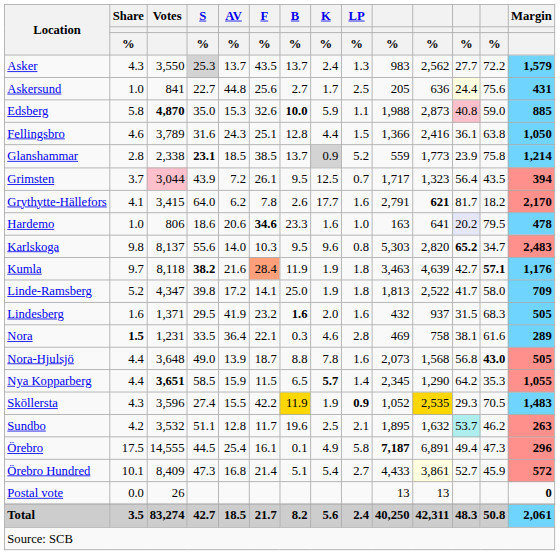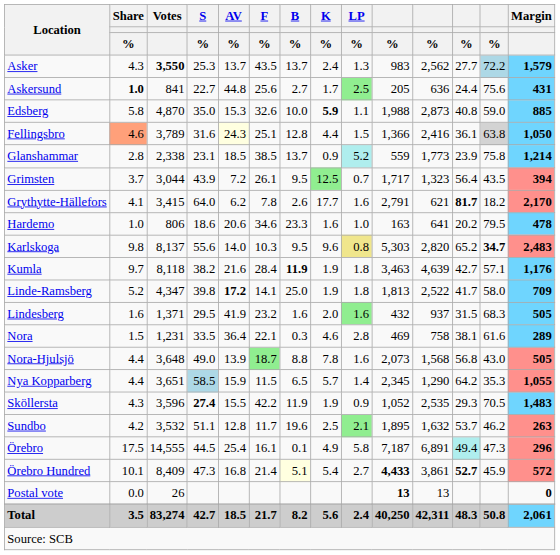 <table class="wikitable sortable" style="text-align:right; font-size:95%; line-height:20px;">
 <tr>
 <th rowspan="3">Location</th>
 <th>Share</th>
 <th>Votes</th>
 <th width="30px" class="unsortable"><a href='#'>S</a></th>
 <th width="30px" class="unsortable"><a href='#'>AV</a></th>
 <th width="30px" class="unsortable"><a href='#'>F</a></th>
 <th width="30px" class="unsortable"><a href='#'>B</a></th>
 <th width="30px" class="unsortable"><a href='#'>K</a></th>
 <th width="30px" class="unsortable"><a href='#'>LP</a></th>
 <th></th>
 <th></th>
 <th></th>
 <th></th>
 <th>Margin</th>
 </tr>
 <tr>
 <th></th>
 <th></th>
 <th style="background:"></th>
 <th style="background:"></th>
 <th style="background:"></th>
 <th style="background:"></th>
 <th style="background:"></th>
 <th style="background:"></th>
 <th style="background:"></th>
 <th style="background:"></th>
 <th style="background:"></th>
 <th style="background:"></th>
 <th></th>
 </tr>
 <tr>
 <th data-sort-type="number">%</th>
 <th></th>
 <th data-sort-type="number">%</th>
 <th data-sort-type="number">%</th>
 <th data-sort-type="number">%</th>
 <th data-sort-type="number">%</th>
 <th data-sort-type="number">%</th>
 <th data-sort-type="number">%</th>
 <th data-sort-type="number">%</th>
 <th data-sort-type="number">%</th>
 <th data-sort-type="number">%</th>
 <th data-sort-type="number">%</th>
 <th></th>
 </tr>
 <tr>
 <td align=left><a href='#'>Asker</a></td>
 <td>4.3</td>
-<td>3,550</td>
-<td style="background: lightgrey;">25.3</td>
+<td><strong>3,550</strong></td>
+<td>25.3</td>
 <td>13.7</td>
 <td>43.5</td>
 <td>13.7</td>
 <td>2.4</td>
 <td>1.3</td>
 <td>983</td>
 <td>2,562</td>
 <td>27.7</td>
-<td>72.2</td>
+<td style="background: lightblue;">72.2</td>
 <td bgcolor=#6fd5fe><strong>1,579</strong></td>
 </tr>
 <tr>
 <td align=left><a href='#'>Askersund</a></td>
-<td>1.0</td>
+<td><strong>1.0</strong></td>
 <td>841</td>
 <td>22.7</td>
 <td>44.8</td>
 <td>25.6</td>
 <td>2.7</td>
 <td>1.7</td>
-<td>2.5</td>
+<td style="background: lightgreen;">2.5</td>
 <td>205</td>
 <td>636</td>
-<td style="background: lightyellow;">24.4</td>
+<td>24.4</td>
 <td>75.6</td>
 <td bgcolor=#6fd5fe><strong>431</strong></td>
 </tr>
 <tr>
 <td align=left><a href='#'>Edsberg</a></td>
 <td>5.8</td>
-<td><strong>4,870</strong></td>
+<td>4,870</td>
 <td>35.0</td>
 <td>15.3</td>
 <td>32.6</td>
-<td><strong>10.0</strong></td>
-<td>5.9</td>
+<td>10.0</td>
+<td><strong>5.9</strong></td>
 <td>1.1</td>
 <td>1,988</td>
 <td>2,873</td>
-<td style="background: pink;">40.8</td>
+<td>40.8</td>
 <td>59.0</td>
 <td bgcolor=#6fd5fe><strong>885</strong></td>
 </tr>
 <tr>
 <td align=left><a href='#'>Fellingsbro</a></td>
-<td>4.6</td>
+<td style="background: lightsalmon;">4.6</td>
 <td>3,789</td>
 <td>31.6</td>
-<td>24.3</td>
+<td style="background: lightyellow;">24.3</td>
 <td>25.1</td>
 <td>12.8</td>
 <td>4.4</td>
 <td>1.5</td>
 <td>1,366</td>
 <td>2,416</td>
 <td>36.1</td>
-<td>63.8</td>
+<td style="background: lightgrey;">63.8</td>
 <td bgcolor=#6fd5fe><strong>1,050</strong></td>
 </tr>
 <tr>
 <td align=left><a href='#'>Glanshammar</a></td>
 <td>2.8</td>
 <td>2,338</td>
-<td><strong>23.1</strong></td>
+<td>23.1</td>
 <td>18.5</td>
 <td>38.5</td>
 <td>13.7</td>
-<td style="background: lightgrey;">0.9</td>
-<td>5.2</td>
+<td>0.9</td>
+<td style="background: paleturquoise;">5.2</td>
 <td>559</td>
 <td>1,773</td>
 <td>23.9</td>
 <td>75.8</td>
 <td bgcolor=#6fd5fe><strong>1,214</strong></td>
 </tr>
 <tr>
 <td align=left><a href='#'>Grimsten</a></td>
 <td>3.7</td>
-<td style="background: pink;">3,044</td>
+<td>3,044</td>
 <td>43.9</td>
 <td>7.2</td>
 <td>26.1</td>
 <td>9.5</td>
-<td>12.5</td>
+<td style="background: lightgreen;">12.5</td>
 <td>0.7</td>
 <td>1,717</td>
 <td>1,323</td>
 <td>56.4</td>
 <td>43.5</td>
 <td bgcolor=#ff908c><strong>394</strong></td>
 </tr>
 <tr>
 <td align=left><a href='#'>Grythytte-Hällefors</a></td>
 <td>4.1</td>
 <td>3,415</td>
 <td>64.0</td>
 <td>6.2</td>
 <td>7.8</td>
 <td>2.6</td>
 <td>17.7</td>
 <td>1.6</td>
 <td>2,791</td>
-<td><strong>621</strong></td>
-<td>81.7</td>
+<td>621</td>
+<td><strong>81.7</strong></td>
 <td>18.2</td>
 <td bgcolor=#ff908c><strong>2,170</strong></td>
 </tr>
 <tr>
 <td align=left><a href='#'>Hardemo</a></td>
 <td>1.0</td>
 <td>806</td>
 <td>18.6</td>
 <td>20.6</td>
-<td><strong>34.6</strong></td>
+<td>34.6</td>
 <td>23.3</td>
 <td>1.6</td>
 <td>1.0</td>
 <td>163</td>
 <td>641</td>
-<td style="background: lavender;">20.2</td>
+<td>20.2</td>
 <td>79.5</td>
 <td bgcolor=#6fd5fe><strong>478</strong></td>
 </tr>
 <tr>
 <td align=left><a href='#'>Karlskoga</a></td>
 <td>9.8</td>
 <td>8,137</td>
 <td>55.6</td>
 <td>14.0</td>
 <td>10.3</td>
 <td>9.5</td>
 <td>9.6</td>
-<td>0.8</td>
+<td style="background: khaki;">0.8</td>
 <td>5,303</td>
 <td>2,820</td>
-<td><strong>65.2</strong></td>
-<td>34.7</td>
+<td>65.2</td>
+<td><strong>34.7</strong></td>
 <td bgcolor=#ff908c><strong>2,483</strong></td>
 </tr>
 <tr>
 <td align=left><a href='#'>Kumla</a></td>
 <td>9.7</td>
 <td>8,118</td>
-<td><strong>38.2</strong></td>
+<td>38.2</td>
 <td>21.6</td>
-<td style="background: lightsalmon;">28.4</td>
-<td>11.9</td>
+<td>28.4</td>
+<td><strong>11.9</strong></td>
 <td>1.9</td>
 <td>1.8</td>
 <td>3,463</td>
 <td>4,639</td>
 <td>42.7</td>
-<td><strong>57.1</strong></td>
+<td>57.1</td>
 <td bgcolor=#6fd5fe><strong>1,176</strong></td>
 </tr>
 <tr>
 <td align=left><a href='#'>Linde-Ramsberg</a></td>
 <td>5.2</td>
 <td>4,347</td>
 <td>39.8</td>
-<td>17.2</td>
+<td><strong>17.2</strong></td>
 <td>14.1</td>
 <td>25.0</td>
 <td>1.9</td>
 <td>1.8</td>
 <td>1,813</td>
 <td>2,522</td>
 <td>41.7</td>
 <td>58.0</td>
 <td bgcolor=#6fd5fe><strong>709</strong></td>
 </tr>
 <tr>
 <td align=left><a href='#'>Lindesberg</a></td>
 <td>1.6</td>
 <td>1,371</td>
 <td>29.5</td>
 <td>41.9</td>
 <td>23.2</td>
-<td><strong>1.6</strong></td>
+<td>1.6</td>
 <td>2.0</td>
-<td>1.6</td>
+<td style="background: lightgreen;">1.6</td>
 <td>432</td>
 <td>937</td>
 <td>31.5</td>
 <td>68.3</td>
 <td bgcolor=#6fd5fe><strong>505</strong></td>
 </tr>
 <tr>
 <td align=left><a href='#'>Nora</a></td>
-<td><strong>1.5</strong></td>
+<td>1.5</td>
 <td>1,231</td>
 <td>33.5</td>
 <td>36.4</td>
 <td>22.1</td>
 <td>0.3</td>
 <td>4.6</td>
 <td>2.8</td>
 <td>469</td>
 <td>758</td>
 <td>38.1</td>
 <td>61.6</td>
 <td bgcolor=#6fd5fe><strong>289</strong></td>
 </tr>
 <tr>
 <td align=left><a href='#'>Nora-Hjulsjö</a></td>
 <td>4.4</td>
 <td>3,648</td>
 <td>49.0</td>
 <td>13.9</td>
-<td>18.7</td>
+<td style="background: lightgreen;">18.7</td>
 <td>8.8</td>
 <td>7.8</td>
 <td>1.6</td>
 <td>2,073</td>
 <td>1,568</td>
 <td>56.8</td>
-<td><strong>43.0</strong></td>
+<td>43.0</td>
 <td bgcolor=#ff908c><strong>505</strong></td>
 </tr>
 <tr>
 <td align=left><a href='#'>Nya Kopparberg</a></td>
 <td>4.4</td>
-<td><strong>3,651</strong></td>
-<td>58.5</td>
+<td>3,651</td>
+<td style="background: lightblue;">58.5</td>
 <td>15.9</td>
 <td>11.5</td>
 <td>6.5</td>
-<td><strong>5.7</strong></td>
+<td>5.7</td>
 <td>1.4</td>
 <td>2,345</td>
 <td>1,290</td>
 <td>64.2</td>
 <td>35.3</td>
 <td bgcolor=#ff908c><strong>1,055</strong></td>
 </tr>
 <tr>
 <td align=left><a href='#'>Sköllersta</a></td>
 <td>4.3</td>
 <td>3,596</td>
-<td>27.4</td>
+<td><strong>27.4</strong></td>
 <td>15.5</td>
 <td>42.2</td>
-<td style="background: gold;">11.9</td>
+<td>11.9</td>
 <td>1.9</td>
-<td><strong>0.9</strong></td>
+<td>0.9</td>
 <td>1,052</td>
-<td style="background: gold;">2,535</td>
+<td>2,535</td>
 <td>29.3</td>
 <td>70.5</td>
 <td bgcolor=#6fd5fe><strong>1,483</strong></td>
 </tr>
 <tr>
 <td align=left><a href='#'>Sundbo</a></td>
 <td>4.2</td>
 <td>3,532</td>
 <td>51.1</td>
 <td>12.8</td>
 <td>11.7</td>
 <td>19.6</td>
 <td>2.5</td>
-<td>2.1</td>
+<td style="background: lightgreen;">2.1</td>
 <td>1,895</td>
 <td>1,632</td>
-<td style="background: paleturquoise;">53.7</td>
+<td>53.7</td>
 <td>46.2</td>
 <td bgcolor=#ff908c><strong>263</strong></td>
 </tr>
 <tr>
 <td align=left><a href='#'>Örebro</a></td>
 <td>17.5</td>
 <td>14,555</td>
 <td>44.5</td>
 <td>25.4</td>
 <td>16.1</td>
 <td>0.1</td>
 <td>4.9</td>
 <td>5.8</td>
-<td><strong>7,187</strong></td>
+<td>7,187</td>
 <td>6,891</td>
-<td>49.4</td>
+<td style="background: paleturquoise;">49.4</td>
 <td>47.3</td>
 <td bgcolor=#ff908c><strong>296</strong></td>
 </tr>
 <tr>
 <td align=left><a href='#'>Örebro Hundred</a></td>
 <td>10.1</td>
 <td>8,409</td>
 <td>47.3</td>
 <td>16.8</td>
 <td>21.4</td>
-<td>5.1</td>
+<td style="background: lightyellow;">5.1</td>
 <td>5.4</td>
 <td>2.7</td>
-<td>4,433</td>
-<td style="background: lightyellow;">3,861</td>
-<td>52.7</td>
+<td><strong>4,433</strong></td>
+<td>3,861</td>
+<td><strong>52.7</strong></td>
 <td>45.9</td>
 <td bgcolor=#ff908c><strong>572</strong></td>
 </tr>
 <tr>
 <td align=left><a href='#'>Postal vote</a></td>
 <td>0.0</td>
 <td>26</td>
 <td></td>
 <td></td>
 <td></td>
 <td></td>
 <td></td>
 <td></td>
-<td>13</td>
+<td><strong>13</strong></td>
 <td>13</td>
 <td></td>
 <td></td>
 <td><strong>0</strong></td>
 </tr>
 <tr>
 </tr>
 <tr style="background:#CDCDCD;">
 <td align=left><strong>Total</strong></td>
 <td><strong>3.5</strong></td>
 <td><strong>83,274</strong></td>
 <td><strong>42.7</strong></td>
 <td><strong>18.5</strong></td>
 <td><strong>21.7</strong></td>
 <td><strong>8.2</strong></td>
 <td><strong>5.6</strong></td>
 <td><strong>2.4</strong></td>
 <td><strong>40,250</strong></td>
 <td><strong>42,311</strong></td>
 <td><strong>48.3</strong></td>
 <td><strong>50.8</strong></td>
 <td bgcolor=#6fd5fe><strong>2,061</strong></td>
 </tr>
 <tr>
 <td align=left colspan=14>Source: SCB </td>
 </tr>
 </table>
